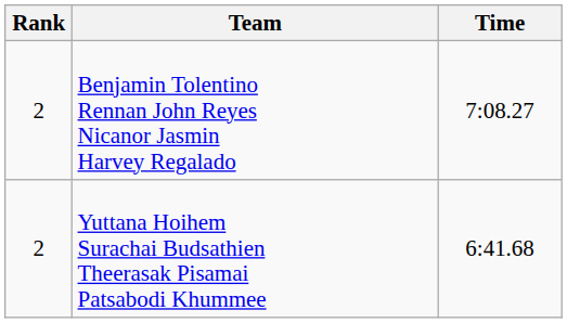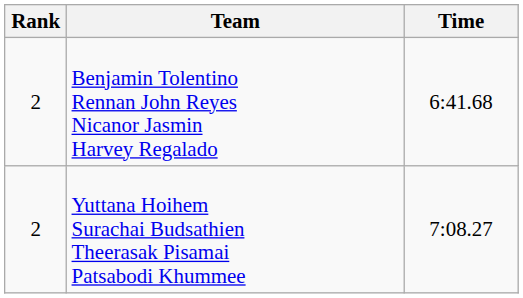 <table class=wikitable style="text-align:center">
 <tr>
 <th width=40>Rank</th>
 <th width=250>Team</th>
 <th width=80>Time</th>
 </tr>
 <tr>
 <td>2</td>
 <td align=left><br><a href='#'>Benjamin Tolentino</a><br><a href='#'>Rennan John Reyes</a><br><a href='#'>Nicanor Jasmin</a><br><a href='#'>Harvey Regalado</a></td>
-<td>7:08.27</td>
+<td>6:41.68</td>
 </tr>
 <tr>
 <td>2</td>
 <td align=left><br><a href='#'>Yuttana Hoihem</a><br><a href='#'>Surachai Budsathien</a><br><a href='#'>Theerasak Pisamai</a><br><a href='#'>Patsabodi Khummee</a></td>
-<td>6:41.68</td>
+<td>7:08.27</td>
 </tr>
 </table>
